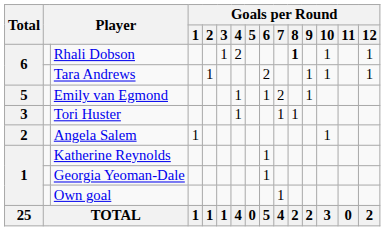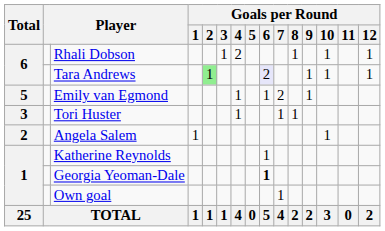 <table class="wikitable" style="text-align:center; line-height: 90%; font-size:90%;">
 <tr>
 <th rowspan="2">Total</th>
 <th rowspan="2" colspan="2">Player</th>
 <th colspan="12">Goals per Round</th>
 </tr>
 <tr>
 <th>1</th>
 <th>2</th>
 <th>3</th>
 <th>4</th>
 <th>5</th>
 <th>6</th>
 <th>7</th>
 <th>8</th>
 <th>9</th>
 <th>10</th>
 <th>11</th>
 <th>12</th>
 </tr>
 <tr>
 <th rowspan="2">6</th>
 <td></td>
 <td style="text-align:left;"><a href='#'>Rhali Dobson</a></td>
 <td></td>
 <td></td>
 <td>1</td>
 <td>2</td>
 <td></td>
 <td></td>
 <td></td>
-<td><strong>1</strong></td>
+<td>1</td>
 <td></td>
 <td>1</td>
 <td></td>
 <td>1</td>
 </tr>
 <tr>
 <td></td>
 <td style="text-align:left;"><a href='#'>Tara Andrews</a></td>
 <td></td>
-<td>1</td>
+<td style="background: lightgreen;">1</td>
 <td></td>
 <td></td>
 <td></td>
-<td>2</td>
+<td style="background: lavender;">2</td>
 <td></td>
 <td></td>
 <td>1</td>
 <td>1</td>
 <td></td>
 <td>1</td>
 </tr>
 <tr>
 <th rowspan="1">5</th>
 <td></td>
 <td style="text-align:left;"><a href='#'>Emily van Egmond</a></td>
 <td></td>
 <td></td>
 <td></td>
 <td>1</td>
 <td></td>
 <td>1</td>
 <td>2</td>
 <td></td>
 <td>1</td>
 <td></td>
 <td></td>
 <td></td>
 </tr>
 <tr>
 <th rowspan="1">3</th>
 <td></td>
 <td style="text-align:left;"><a href='#'>Tori Huster</a></td>
 <td></td>
 <td></td>
 <td></td>
 <td>1</td>
 <td></td>
 <td></td>
 <td>1</td>
 <td>1</td>
 <td></td>
 <td></td>
 <td></td>
 <td></td>
 </tr>
 <tr>
 <th rowspan="1">2</th>
 <td></td>
 <td style="text-align:left;"><a href='#'>Angela Salem</a></td>
 <td>1</td>
 <td></td>
 <td></td>
 <td></td>
 <td></td>
 <td></td>
 <td></td>
 <td></td>
 <td></td>
 <td>1</td>
 <td></td>
 <td></td>
 </tr>
 <tr>
 <th rowspan="3">1</th>
 <td></td>
 <td style="text-align:left;"><a href='#'>Katherine Reynolds</a></td>
 <td></td>
 <td></td>
 <td></td>
 <td></td>
 <td></td>
 <td>1</td>
 <td></td>
 <td></td>
 <td></td>
 <td></td>
 <td></td>
 <td></td>
 </tr>
 <tr>
 <td></td>
 <td style="text-align:left;"><a href='#'>Georgia Yeoman-Dale</a></td>
 <td></td>
 <td></td>
 <td></td>
 <td></td>
 <td></td>
-<td>1</td>
+<td><strong>1</strong></td>
 <td></td>
 <td></td>
 <td></td>
 <td></td>
 <td></td>
 <td></td>
 </tr>
 <tr>
 <td></td>
 <td style="text-align:left;"><a href='#'>Own goal</a></td>
 <td></td>
 <td></td>
 <td></td>
 <td></td>
 <td></td>
 <td></td>
 <td>1</td>
 <td></td>
 <td></td>
 <td></td>
 <td></td>
 <td></td>
 </tr>
 <tr>
 <th rowspan="1">25</th>
 <th colspan="2">TOTAL</th>
 <th style="text-align:center;">1</th>
 <th>1</th>
 <th>1</th>
 <th>4</th>
 <th>0</th>
 <th>5</th>
 <th>4</th>
 <th>2</th>
 <th>2</th>
 <th>3</th>
 <th>0</th>
 <th>2</th>
 </tr>
 </table>
